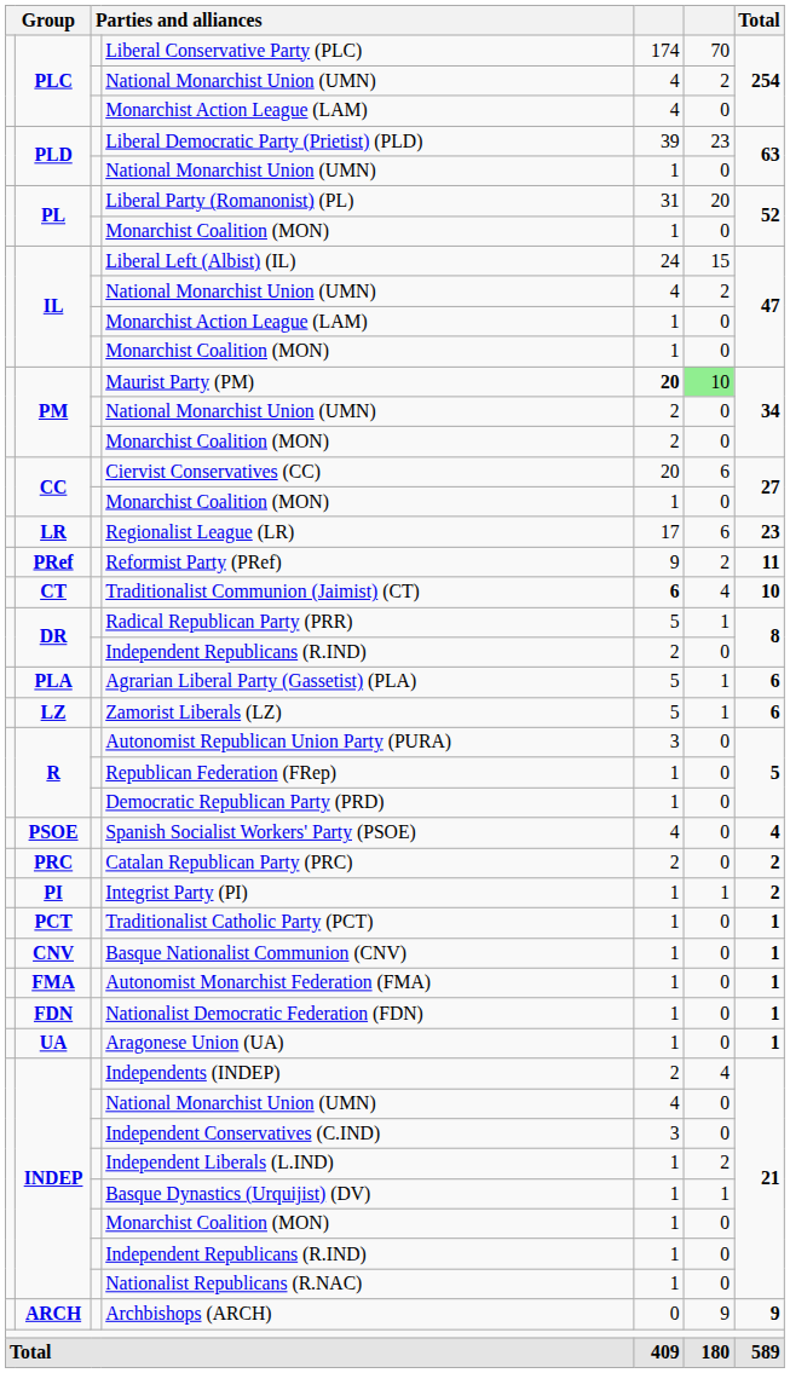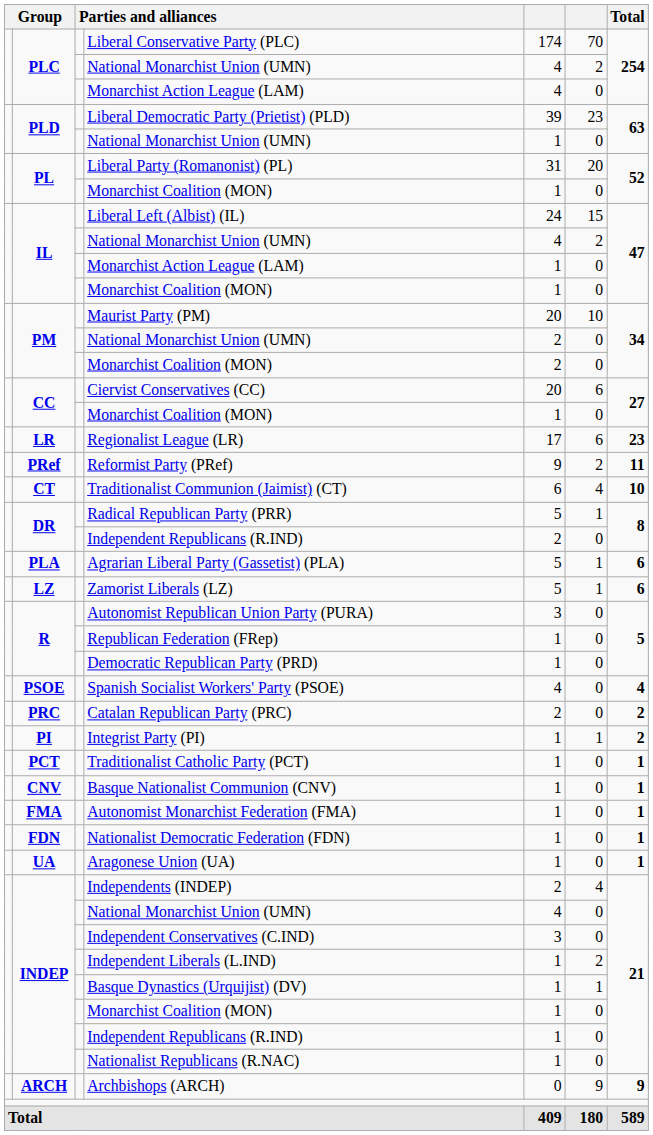 <table class="wikitable" style="text-align:right;">
 <tr>
 <th colspan="2" width="65">Group</th>
 <th style="text-align:left;" colspan="2" width="450">Parties and alliances</th>
 <th width="35"></th>
 <th width="35"></th>
 <th width="35">Total</th>
 </tr>
 <tr>
 <td rowspan="3" width="1"></td>
 <td rowspan="3" align="center"><strong><a href='#'>PLC</a></strong></td>
 <td width="1" style="color:inherit;background:"></td>
 <td align="left"><a href='#'>Liberal Conservative Party</a> (PLC)</td>
 <td>174</td>
 <td>70</td>
 <td rowspan="3"><strong>254</strong></td>
 </tr>
 <tr>
 <td style="color:inherit;background:"></td>
 <td align="left"><a href='#'>National Monarchist Union</a> (UMN)</td>
 <td>4</td>
 <td>2</td>
 </tr>
 <tr>
 <td style="color:inherit;background:"></td>
 <td align="left"><a href='#'>Monarchist Action League</a> (LAM)</td>
 <td>4</td>
 <td>0</td>
 </tr>
 <tr>
 <td rowspan="2" style="color:inherit;background:"></td>
 <td rowspan="2" align="center"><strong><a href='#'>PLD</a></strong></td>
 <td style="color:inherit;background:"></td>
 <td align="left"><a href='#'>Liberal Democratic Party (Prietist)</a> (PLD)</td>
 <td>39</td>
 <td>23</td>
 <td rowspan="2"><strong>63</strong></td>
 </tr>
 <tr>
 <td style="color:inherit;background:"></td>
 <td align="left"><a href='#'>National Monarchist Union</a> (UMN)</td>
 <td>1</td>
 <td>0</td>
 </tr>
 <tr>
 <td rowspan="2" style="color:inherit;background:"></td>
 <td rowspan="2" align="center"><strong><a href='#'>PL</a></strong></td>
 <td style="color:inherit;background:"></td>
 <td align="left"><a href='#'>Liberal Party (Romanonist)</a> (PL)</td>
 <td>31</td>
 <td>20</td>
 <td rowspan="2"><strong>52</strong></td>
 </tr>
 <tr>
 <td style="color:inherit;background:"></td>
 <td align="left"><a href='#'>Monarchist Coalition</a> (MON)</td>
 <td>1</td>
 <td>0</td>
 </tr>
 <tr>
 <td rowspan="4" style="color:inherit;background:"></td>
 <td rowspan="4" align="center"><strong><a href='#'>IL</a></strong></td>
 <td style="color:inherit;background:"></td>
 <td align="left"><a href='#'>Liberal Left (Albist)</a> (IL)</td>
 <td>24</td>
 <td>15</td>
 <td rowspan="4"><strong>47</strong></td>
 </tr>
 <tr>
 <td style="color:inherit;background:"></td>
 <td align="left"><a href='#'>National Monarchist Union</a> (UMN)</td>
 <td>4</td>
 <td>2</td>
 </tr>
 <tr>
 <td style="color:inherit;background:"></td>
 <td align="left"><a href='#'>Monarchist Action League</a> (LAM)</td>
 <td>1</td>
 <td>0</td>
 </tr>
 <tr>
 <td style="color:inherit;background:"></td>
 <td align="left"><a href='#'>Monarchist Coalition</a> (MON)</td>
 <td>1</td>
 <td>0</td>
 </tr>
 <tr>
 <td rowspan="3" style="color:inherit;background:"></td>
 <td rowspan="3" align="center"><strong><a href='#'>PM</a></strong></td>
 <td style="color:inherit;background:"></td>
 <td align="left"><a href='#'>Maurist Party</a> (PM)</td>
-<td><strong>20</strong></td>
-<td style="background: lightgreen;">10</td>
+<td>20</td>
+<td>10</td>
 <td rowspan="3"><strong>34</strong></td>
 </tr>
 <tr>
 <td style="color:inherit;background:"></td>
 <td align="left"><a href='#'>National Monarchist Union</a> (UMN)</td>
 <td>2</td>
 <td>0</td>
 </tr>
 <tr>
 <td style="color:inherit;background:"></td>
 <td align="left"><a href='#'>Monarchist Coalition</a> (MON)</td>
 <td>2</td>
 <td>0</td>
 </tr>
 <tr>
 <td rowspan="2" style="color:inherit;background:"></td>
 <td rowspan="2" align="center"><strong><a href='#'>CC</a></strong></td>
 <td style="color:inherit;background:"></td>
 <td align="left"><a href='#'>Ciervist Conservatives</a> (CC)</td>
 <td>20</td>
 <td>6</td>
 <td rowspan="2"><strong>27</strong></td>
 </tr>
 <tr>
 <td style="color:inherit;background:"></td>
 <td align="left"><a href='#'>Monarchist Coalition</a> (MON)</td>
 <td>1</td>
 <td>0</td>
 </tr>
 <tr>
 <td style="color:inherit;background:"></td>
 <td align="center"><strong><a href='#'>LR</a></strong></td>
 <td style="color:inherit;background:"></td>
 <td align="left"><a href='#'>Regionalist League</a> (LR)</td>
 <td>17</td>
 <td>6</td>
 <td><strong>23</strong></td>
 </tr>
 <tr>
 <td style="color:inherit;background:"></td>
 <td align="center"><strong><a href='#'>PRef</a></strong></td>
 <td style="color:inherit;background:"></td>
 <td align="left"><a href='#'>Reformist Party</a> (PRef)</td>
 <td>9</td>
 <td>2</td>
 <td><strong>11</strong></td>
 </tr>
 <tr>
 <td style="color:inherit;background:"></td>
 <td align="center"><strong><a href='#'>CT</a></strong></td>
 <td style="color:inherit;background:"></td>
 <td align="left"><a href='#'>Traditionalist Communion (Jaimist)</a> (CT)</td>
-<td><strong>6</strong></td>
+<td>6</td>
 <td>4</td>
 <td><strong>10</strong></td>
 </tr>
 <tr>
 <td rowspan="2" style="color:inherit;background:"></td>
 <td rowspan="2" align="center"><strong><a href='#'>DR</a></strong></td>
 <td style="color:inherit;background:"></td>
 <td align="left"><a href='#'>Radical Republican Party</a> (PRR)</td>
 <td>5</td>
 <td>1</td>
 <td rowspan="2"><strong>8</strong></td>
 </tr>
 <tr>
 <td style="color:inherit;background:"></td>
 <td align="left"><a href='#'>Independent Republicans</a> (R.IND)</td>
 <td>2</td>
 <td>0</td>
 </tr>
 <tr>
 <td style="color:inherit;background:"></td>
 <td align="center"><strong><a href='#'>PLA</a></strong></td>
 <td style="color:inherit;background:"></td>
 <td align="left"><a href='#'>Agrarian Liberal Party (Gassetist)</a> (PLA)</td>
 <td>5</td>
 <td>1</td>
 <td><strong>6</strong></td>
 </tr>
 <tr>
 <td style="color:inherit;background:"></td>
 <td align="center"><strong><a href='#'>LZ</a></strong></td>
 <td style="color:inherit;background:"></td>
 <td align="left"><a href='#'>Zamorist Liberals</a> (LZ)</td>
 <td>5</td>
 <td>1</td>
 <td><strong>6</strong></td>
 </tr>
 <tr>
 <td rowspan="3" style="color:inherit;background:"></td>
 <td rowspan="3" align="center"><strong><a href='#'>R</a></strong></td>
 <td style="color:inherit;background:"></td>
 <td align="left"><a href='#'>Autonomist Republican Union Party</a> (PURA)</td>
 <td>3</td>
 <td>0</td>
 <td rowspan="3"><strong>5</strong></td>
 </tr>
 <tr>
 <td style="color:inherit;background:"></td>
 <td align="left"><a href='#'>Republican Federation</a> (FRep)</td>
 <td>1</td>
 <td>0</td>
 </tr>
 <tr>
 <td style="color:inherit;background:"></td>
 <td align="left"><a href='#'>Democratic Republican Party</a> (PRD)</td>
 <td>1</td>
 <td>0</td>
 </tr>
 <tr>
 <td style="color:inherit;background:"></td>
 <td align="center"><strong><a href='#'>PSOE</a></strong></td>
 <td style="color:inherit;background:"></td>
 <td align="left"><a href='#'>Spanish Socialist Workers' Party</a> (PSOE)</td>
 <td>4</td>
 <td>0</td>
 <td><strong>4</strong></td>
 </tr>
 <tr>
 <td style="color:inherit;background:"></td>
 <td align="center"><strong><a href='#'>PRC</a></strong></td>
 <td style="color:inherit;background:"></td>
 <td align="left"><a href='#'>Catalan Republican Party</a> (PRC)</td>
 <td>2</td>
 <td>0</td>
 <td><strong>2</strong></td>
 </tr>
 <tr>
 <td style="color:inherit;background:"></td>
 <td align="center"><strong><a href='#'>PI</a></strong></td>
 <td style="color:inherit;background:"></td>
 <td align="left"><a href='#'>Integrist Party</a> (PI)</td>
 <td>1</td>
 <td>1</td>
 <td><strong>2</strong></td>
 </tr>
 <tr>
 <td style="color:inherit;background:"></td>
 <td align="center"><strong><a href='#'>PCT</a></strong></td>
 <td style="color:inherit;background:"></td>
 <td align="left"><a href='#'>Traditionalist Catholic Party</a> (PCT)</td>
 <td>1</td>
 <td>0</td>
 <td><strong>1</strong></td>
 </tr>
 <tr>
 <td style="color:inherit;background:"></td>
 <td align="center"><strong><a href='#'>CNV</a></strong></td>
 <td style="color:inherit;background:"></td>
 <td align="left"><a href='#'>Basque Nationalist Communion</a> (CNV)</td>
 <td>1</td>
 <td>0</td>
 <td><strong>1</strong></td>
 </tr>
 <tr>
 <td style="color:inherit;background:"></td>
 <td align="center"><strong><a href='#'>FMA</a></strong></td>
 <td style="color:inherit;background:"></td>
 <td align="left"><a href='#'>Autonomist Monarchist Federation</a> (FMA)</td>
 <td>1</td>
 <td>0</td>
 <td><strong>1</strong></td>
 </tr>
 <tr>
 <td style="color:inherit;background:"></td>
 <td align="center"><strong><a href='#'>FDN</a></strong></td>
 <td style="color:inherit;background:"></td>
 <td align="left"><a href='#'>Nationalist Democratic Federation</a> (FDN)</td>
 <td>1</td>
 <td>0</td>
 <td><strong>1</strong></td>
 </tr>
 <tr>
 <td style="color:inherit;background:"></td>
 <td align="center"><strong><a href='#'>UA</a></strong></td>
 <td style="color:inherit;background:"></td>
 <td align="left"><a href='#'>Aragonese Union</a> (UA)</td>
 <td>1</td>
 <td>0</td>
 <td><strong>1</strong></td>
 </tr>
 <tr>
 <td rowspan="8" style="color:inherit;background:"></td>
 <td rowspan="8" align="center"><strong><a href='#'>INDEP</a></strong></td>
 <td style="color:inherit;background:"></td>
 <td align="left"><a href='#'>Independents</a> (INDEP)</td>
 <td>2</td>
 <td>4</td>
 <td rowspan="8"><strong>21</strong></td>
 </tr>
 <tr>
 <td style="color:inherit;background:"></td>
 <td align="left"><a href='#'>National Monarchist Union</a> (UMN)</td>
 <td>4</td>
 <td>0</td>
 </tr>
 <tr>
 <td style="color:inherit;background:"></td>
 <td align="left"><a href='#'>Independent Conservatives</a> (C.IND)</td>
 <td>3</td>
 <td>0</td>
 </tr>
 <tr>
 <td style="color:inherit;background:"></td>
 <td align="left"><a href='#'>Independent Liberals</a> (L.IND)</td>
 <td>1</td>
 <td>2</td>
 </tr>
 <tr>
 <td style="color:inherit;background:"></td>
 <td align="left"><a href='#'>Basque Dynastics (Urquijist)</a> (DV)</td>
 <td>1</td>
 <td>1</td>
 </tr>
 <tr>
 <td style="color:inherit;background:"></td>
 <td align="left"><a href='#'>Monarchist Coalition</a> (MON)</td>
 <td>1</td>
 <td>0</td>
 </tr>
 <tr>
 <td style="color:inherit;background:"></td>
 <td align="left"><a href='#'>Independent Republicans</a> (R.IND)</td>
 <td>1</td>
 <td>0</td>
 </tr>
 <tr>
 <td style="color:inherit;background:"></td>
 <td align="left"><a href='#'>Nationalist Republicans</a> (R.NAC)</td>
 <td>1</td>
 <td>0</td>
 </tr>
 <tr>
 <td style="color:inherit;background:"></td>
 <td align="center"><strong><a href='#'>ARCH</a></strong></td>
 <td style="color:inherit;background:"></td>
 <td align="left"><a href='#'>Archbishops</a> (ARCH)</td>
 <td>0</td>
 <td>9</td>
 <td><strong>9</strong></td>
 </tr>
 <tr>
 <td colspan="7"></td>
 </tr>
 <tr style="background:#E4E4E4; font-weight:bold;">
 <td align="left" colspan="4">Total</td>
 <td>409</td>
 <td>180</td>
 <td>589</td>
 </tr>
 </table>
